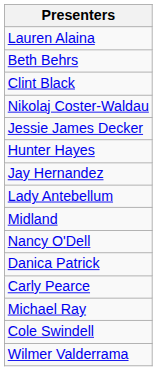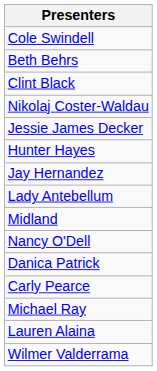 <table class="wikitable">
 <tr>
 <th>Presenters</th>
 </tr>
 <tr>
-<td><a href='#'>Lauren Alaina</a></td>
+<td><a href='#'>Cole Swindell</a></td>
 </tr>
 <tr>
 <td><a href='#'>Beth Behrs</a></td>
 </tr>
 <tr>
 <td><a href='#'>Clint Black</a></td>
 </tr>
 <tr>
 <td><a href='#'>Nikolaj Coster-Waldau</a></td>
 </tr>
 <tr>
 <td><a href='#'>Jessie James Decker</a></td>
 </tr>
 <tr>
 <td><a href='#'>Hunter Hayes</a></td>
 </tr>
 <tr>
 <td><a href='#'>Jay Hernandez</a></td>
 </tr>
 <tr>
 <td><a href='#'>Lady Antebellum</a></td>
 </tr>
 <tr>
 <td><a href='#'>Midland</a></td>
 </tr>
 <tr>
 <td><a href='#'>Nancy O'Dell</a></td>
 </tr>
 <tr>
 <td><a href='#'>Danica Patrick</a></td>
 </tr>
 <tr>
 <td><a href='#'>Carly Pearce</a></td>
 </tr>
 <tr>
 <td><a href='#'>Michael Ray</a></td>
 </tr>
 <tr>
-<td><a href='#'>Cole Swindell</a></td>
+<td><a href='#'>Lauren Alaina</a></td>
 </tr>
 <tr>
 <td><a href='#'>Wilmer Valderrama</a></td>
 </tr>
 </table>
